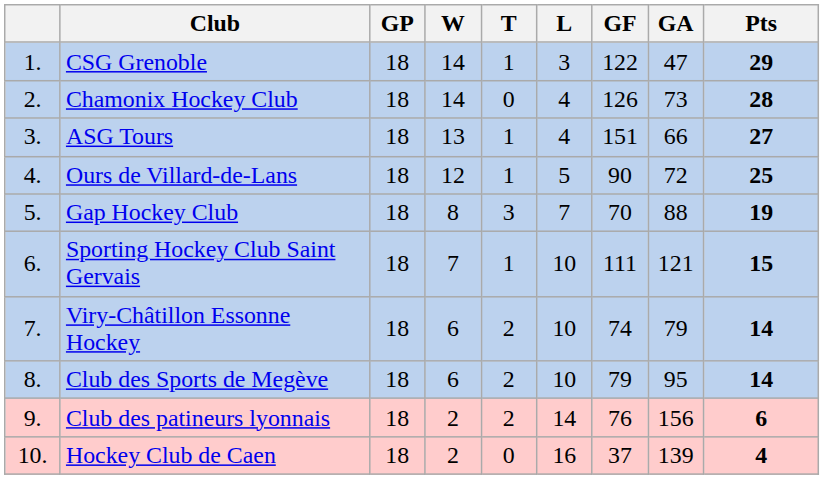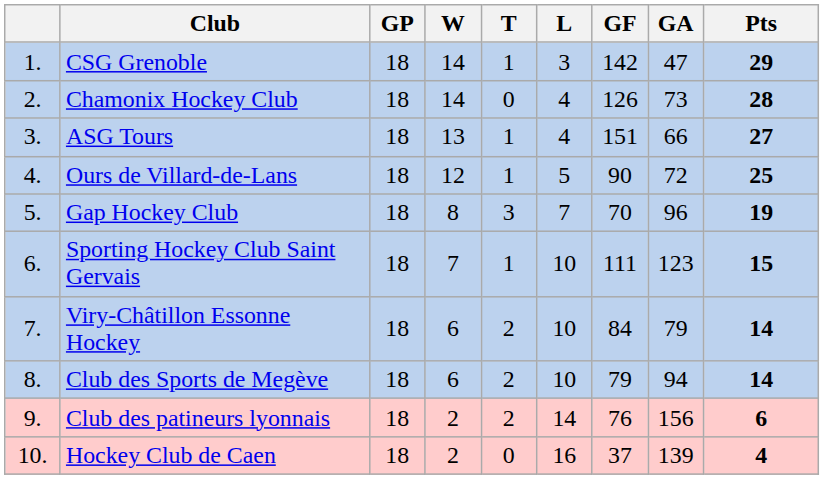 <table class="wikitable">
 <tr>
 <th width="30"></th>
 <th width="200">Club</th>
 <th width="30">GP</th>
 <th width="30">W</th>
 <th width="30">T</th>
 <th width="30">L</th>
 <th width="30">GF</th>
 <th width="30">GA</th>
 <th width="70">Pts</th>
 </tr>
 <tr bgcolor="#BCD2EE" align="center">
 <td>1.</td>
 <td align="left"><a href='#'>CSG Grenoble</a></td>
 <td>18</td>
 <td>14</td>
 <td>1</td>
 <td>3</td>
-<td>122</td>
+<td>142</td>
 <td>47</td>
 <td><strong>29</strong></td>
 </tr>
 <tr bgcolor="#BCD2EE" align="center">
 <td>2.</td>
 <td align="left"><a href='#'>Chamonix Hockey Club</a></td>
 <td>18</td>
 <td>14</td>
 <td>0</td>
 <td>4</td>
 <td>126</td>
 <td>73</td>
 <td><strong>28</strong></td>
 </tr>
 <tr bgcolor="#BCD2EE" align="center">
 <td>3.</td>
 <td align="left"><a href='#'>ASG Tours</a></td>
 <td>18</td>
 <td>13</td>
 <td>1</td>
 <td>4</td>
 <td>151</td>
 <td>66</td>
 <td><strong>27</strong></td>
 </tr>
 <tr bgcolor="#BCD2EE" align="center">
 <td>4.</td>
 <td align="left"><a href='#'>Ours de Villard-de-Lans</a></td>
 <td>18</td>
 <td>12</td>
 <td>1</td>
 <td>5</td>
 <td>90</td>
 <td>72</td>
 <td><strong>25</strong></td>
 </tr>
 <tr bgcolor="#BCD2EE" align="center">
 <td>5.</td>
 <td align="left"><a href='#'>Gap Hockey Club</a></td>
 <td>18</td>
 <td>8</td>
 <td>3</td>
 <td>7</td>
 <td>70</td>
-<td>88</td>
+<td>96</td>
 <td><strong>19</strong></td>
 </tr>
 <tr bgcolor="#BCD2EE" align="center">
 <td>6.</td>
 <td align="left"><a href='#'>Sporting Hockey Club Saint Gervais</a></td>
 <td>18</td>
 <td>7</td>
 <td>1</td>
 <td>10</td>
 <td>111</td>
-<td>121</td>
+<td>123</td>
 <td><strong>15</strong></td>
 </tr>
 <tr bgcolor="#BCD2EE" align="center">
 <td>7.</td>
 <td align="left"><a href='#'>Viry-Châtillon Essonne Hockey&lrm;</a></td>
 <td>18</td>
 <td>6</td>
 <td>2</td>
 <td>10</td>
-<td>74</td>
+<td>84</td>
 <td>79</td>
 <td><strong>14</strong></td>
 </tr>
 <tr bgcolor="#BCD2EE" align="center">
 <td>8.</td>
 <td align="left"><a href='#'>Club des Sports de Megève</a></td>
 <td>18</td>
 <td>6</td>
 <td>2</td>
 <td>10</td>
 <td>79</td>
-<td>95</td>
+<td>94</td>
 <td><strong>14</strong></td>
 </tr>
 <tr bgcolor="#FFCCCC" align="center">
 <td>9.</td>
 <td align="left"><a href='#'>Club des patineurs lyonnais</a></td>
 <td>18</td>
 <td>2</td>
 <td>2</td>
 <td>14</td>
 <td>76</td>
 <td>156</td>
 <td><strong>6</strong></td>
 </tr>
 <tr bgcolor="#FFCCCC" align="center">
 <td>10.</td>
 <td align="left"><a href='#'>Hockey Club de Caen</a></td>
 <td>18</td>
 <td>2</td>
 <td>0</td>
 <td>16</td>
 <td>37</td>
 <td>139</td>
 <td><strong>4</strong></td>
 </tr>
 </table>
